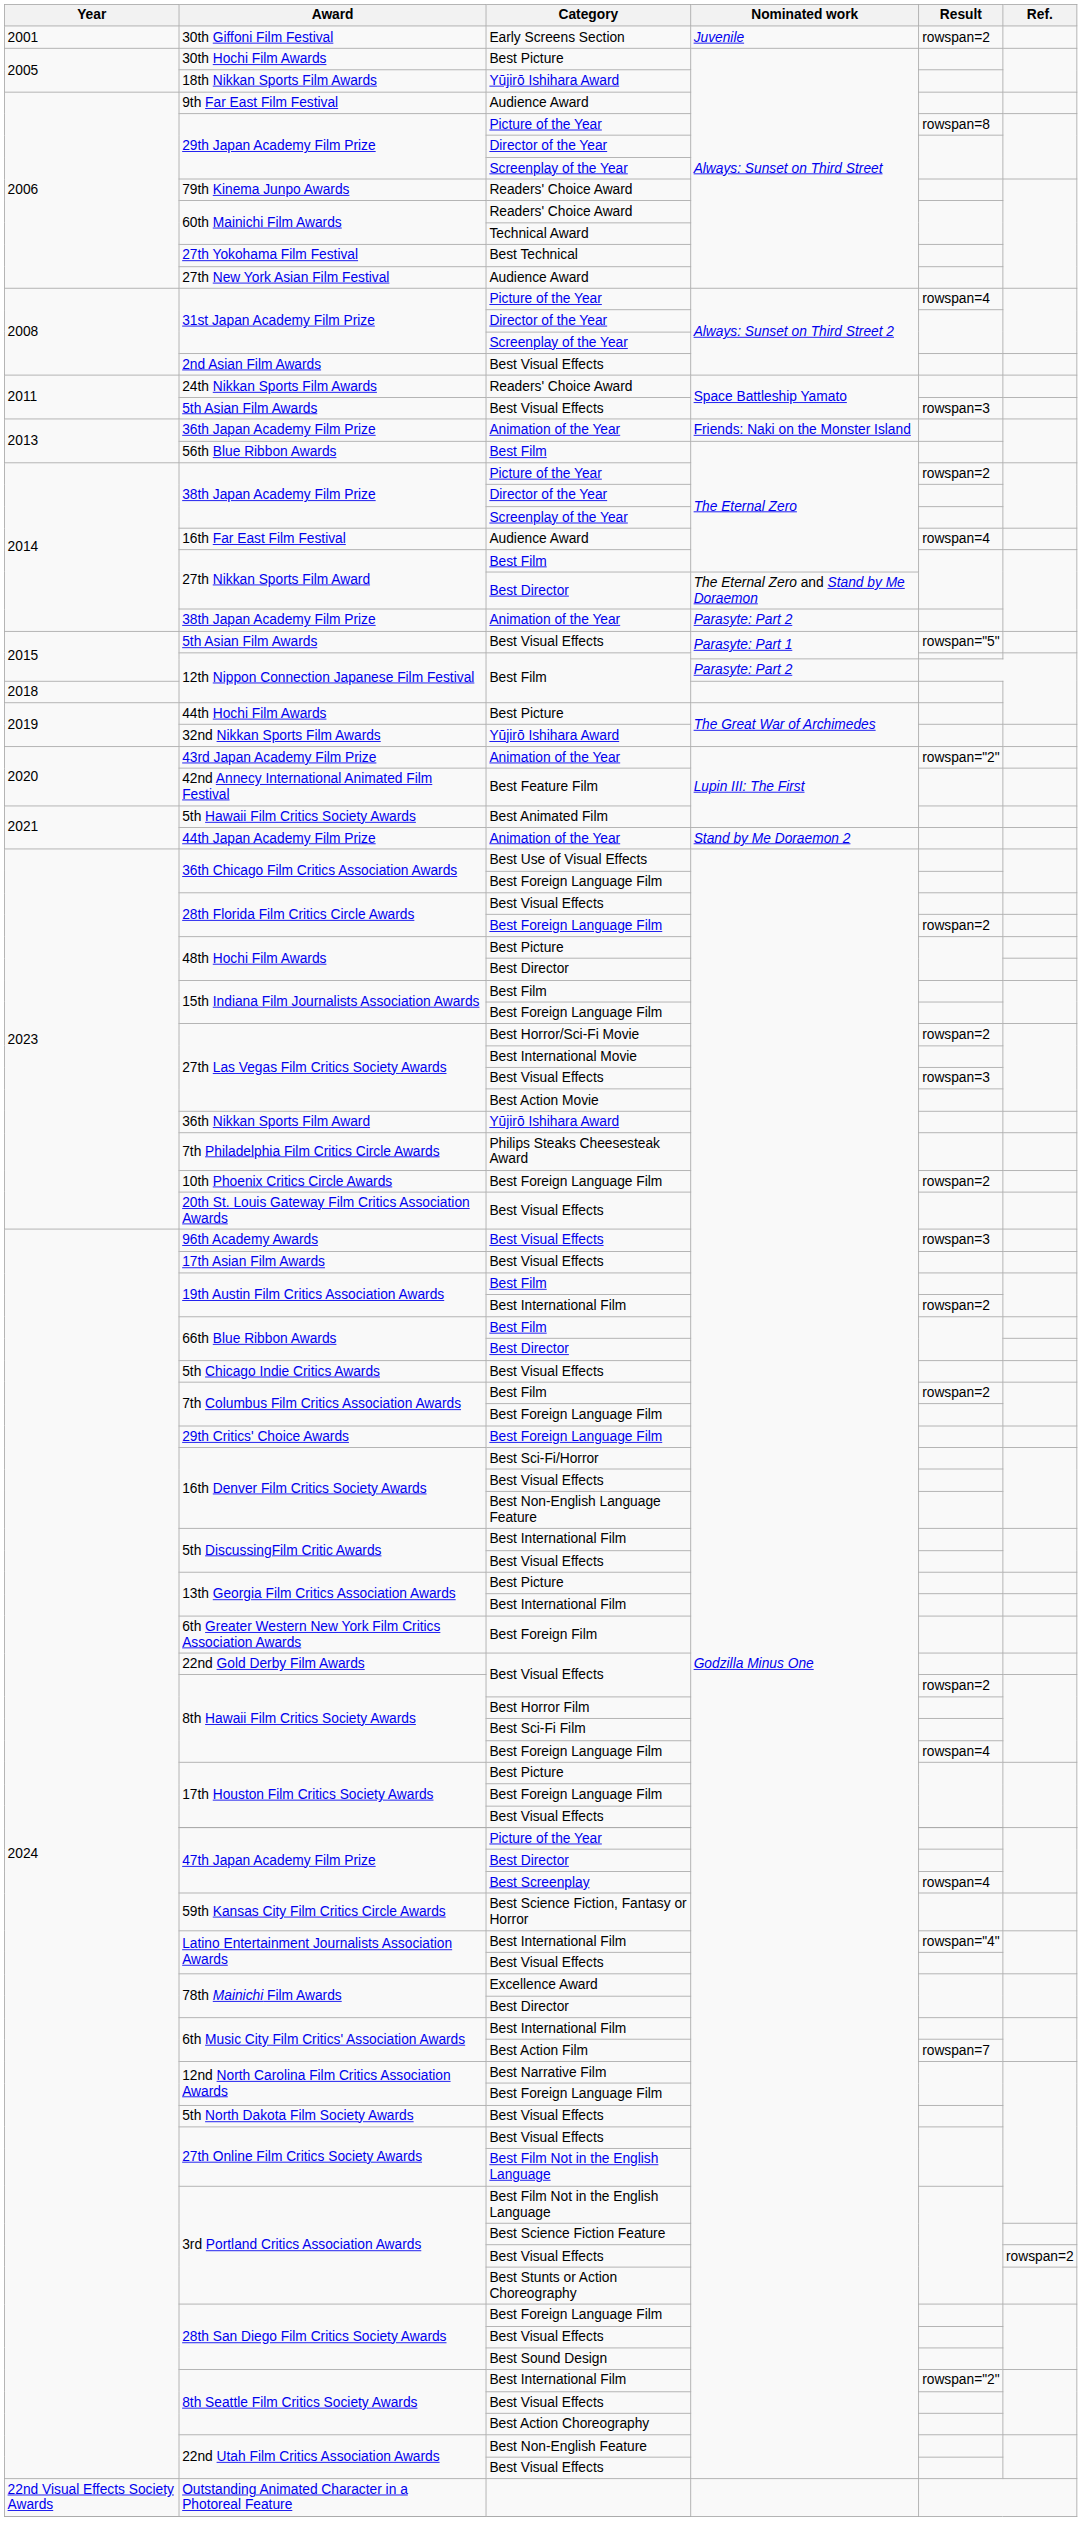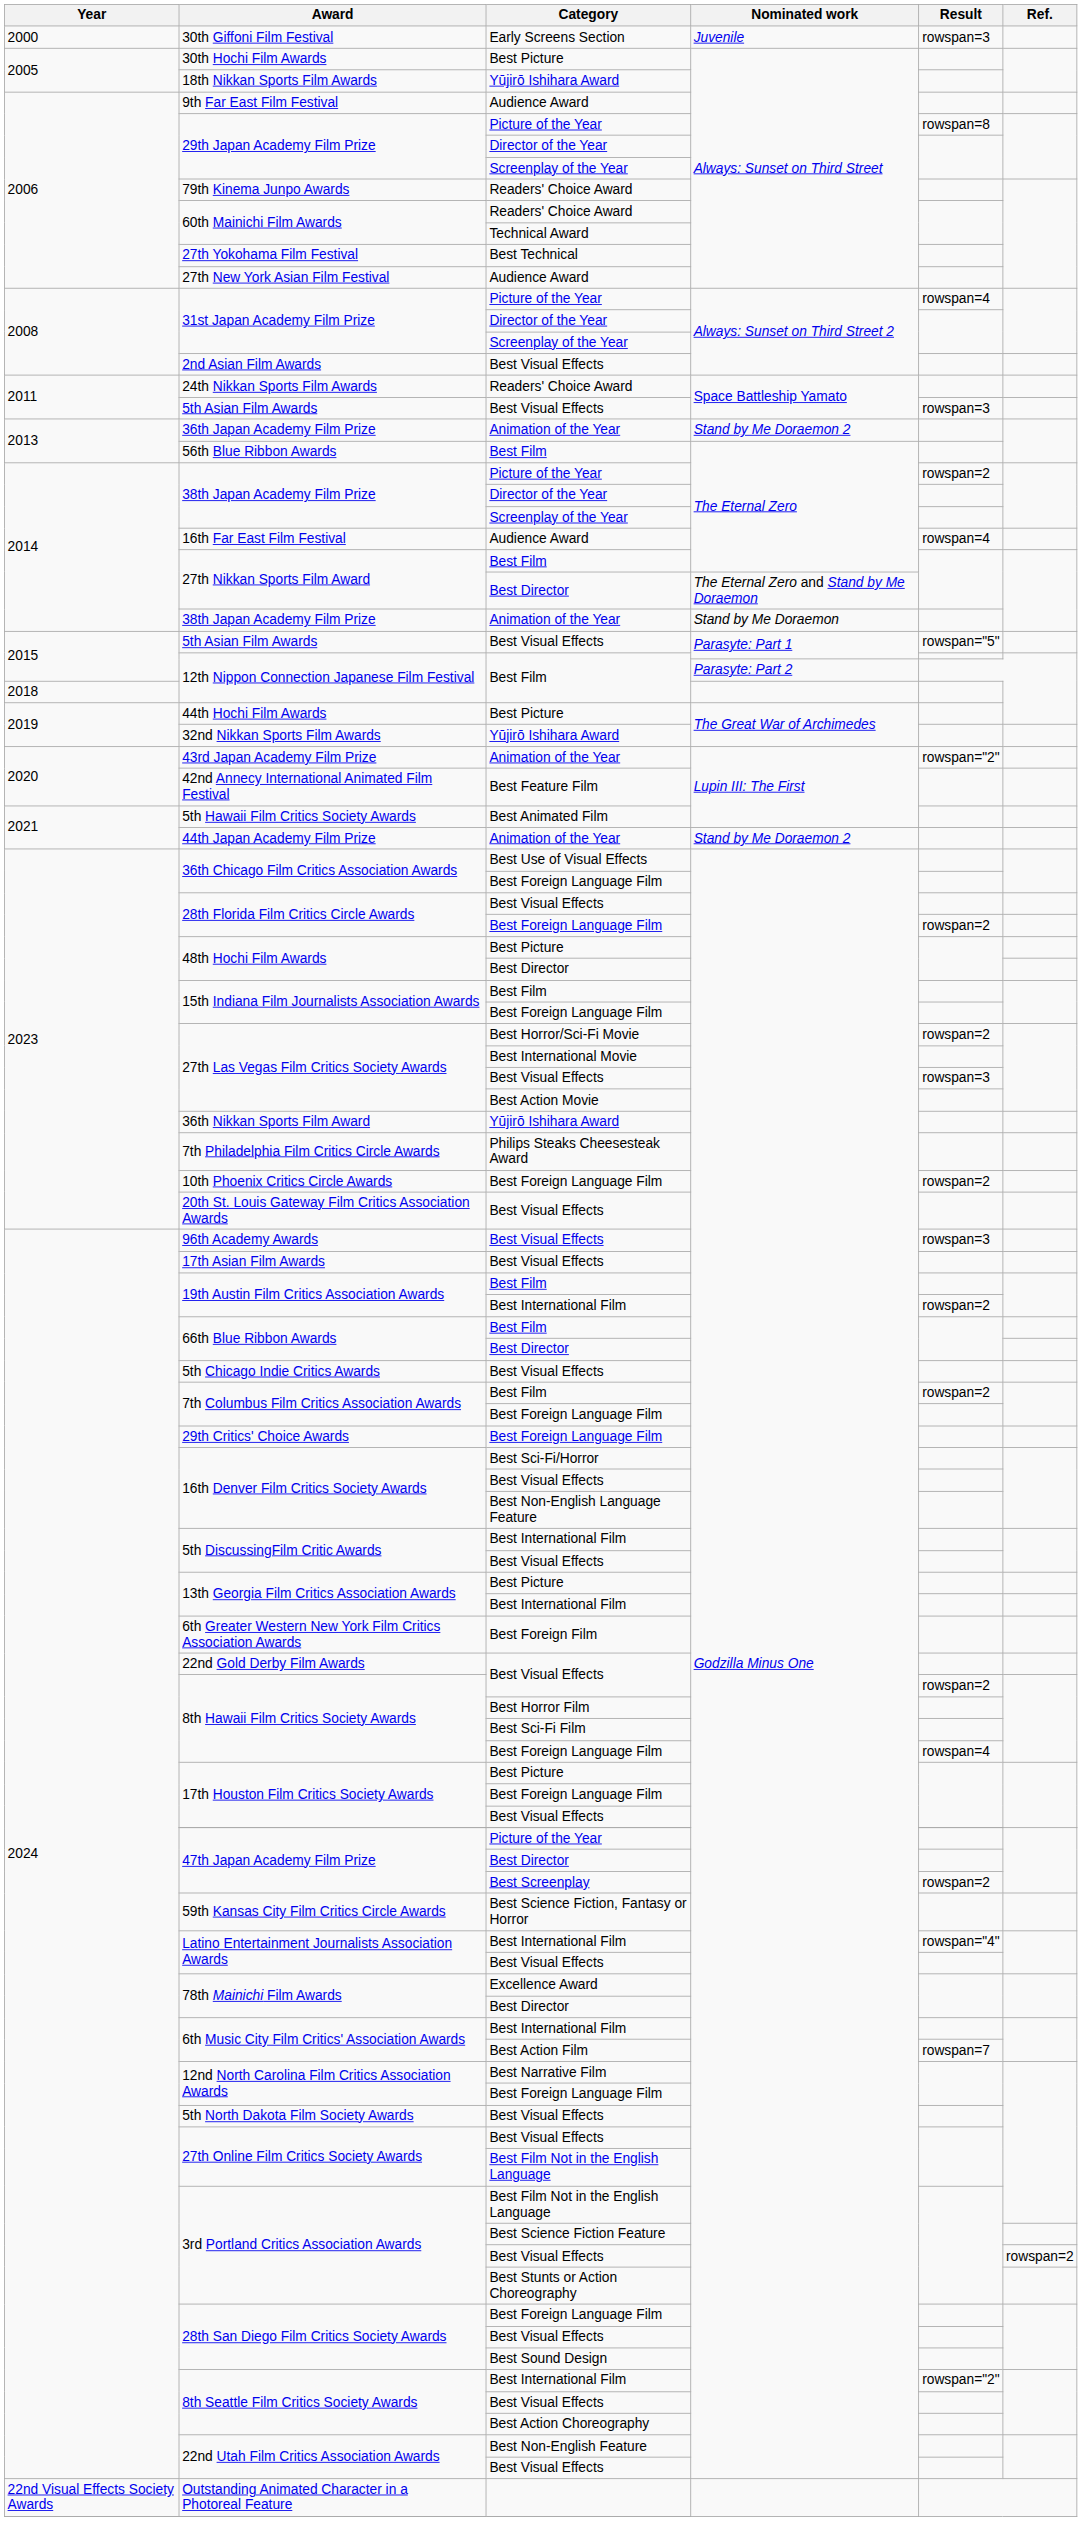 <table class="wikitable sortable">
 <tr>
 <th>Year</th>
 <th>Award</th>
 <th>Category</th>
 <th>Nominated work</th>
 <th>Result</th>
 <th class="unsortable">Ref.</th>
 </tr>
 <tr>
-<td>2001</td>
+<td>2000</td>
 <td>30th <a href='#'>Giffoni Film Festival</a></td>
 <td>Early Screens Section</td>
 <td><em><a href='#'>Juvenile</a></em></td>
-<td>rowspan=2 </td>
+<td>rowspan=3 </td>
 <td></td>
 </tr>
 <tr>
 <td rowspan="2">2005</td>
 <td>30th <a href='#'>Hochi Film Awards</a></td>
 <td>Best Picture</td>
 <td rowspan="11"><em><a href='#'>Always: Sunset on Third Street</a></em></td>
 <td></td>
 </tr>
 <tr>
 <td>18th <a href='#'>Nikkan Sports Film Awards</a></td>
 <td><a href='#'>Yūjirō Ishihara Award</a></td>
 <td></td>
 </tr>
 <tr>
 <td rowspan="9">2006</td>
 <td>9th <a href='#'>Far East Film Festival</a></td>
 <td>Audience Award</td>
 <td></td>
 <td></td>
 </tr>
 <tr>
 <td rowspan="3"><a href='#'>29th Japan Academy Film Prize</a></td>
 <td><a href='#'>Picture of the Year</a></td>
 <td>rowspan=8 </td>
 <td rowspan="3"></td>
 </tr>
 <tr>
 <td><a href='#'>Director of the Year</a></td>
 </tr>
 <tr>
 <td><a href='#'>Screenplay of the Year</a></td>
 </tr>
 <tr>
 <td>79th <a href='#'>Kinema Junpo Awards</a></td>
 <td>Readers' Choice Award</td>
 <td></td>
 </tr>
 <tr>
 <td rowspan="2">60th <a href='#'>Mainichi Film Awards</a></td>
 <td>Readers' Choice Award</td>
 <td rowspan="2"></td>
 </tr>
 <tr>
 <td>Technical Award</td>
 </tr>
 <tr>
 <td><a href='#'>27th Yokohama Film Festival</a></td>
 <td>Best Technical</td>
 <td></td>
 </tr>
 <tr>
 <td>27th <a href='#'>New York Asian Film Festival</a></td>
 <td>Audience Award</td>
 <td></td>
 </tr>
 <tr>
 <td rowspan="4">2008</td>
 <td rowspan="3"><a href='#'>31st Japan Academy Film Prize</a></td>
 <td><a href='#'>Picture of the Year</a></td>
 <td rowspan="4"><em><a href='#'>Always: Sunset on Third Street 2</a></em></td>
 <td>rowspan=4 </td>
 <td rowspan="3"></td>
 </tr>
 <tr>
 <td><a href='#'>Director of the Year</a></td>
 </tr>
 <tr>
 <td><a href='#'>Screenplay of the Year</a></td>
 </tr>
 <tr>
 <td><a href='#'>2nd Asian Film Awards</a></td>
 <td>Best Visual Effects</td>
 <td></td>
 </tr>
 <tr>
 <td rowspan="2">2011</td>
 <td>24th <a href='#'>Nikkan Sports Film Awards</a></td>
 <td>Readers' Choice Award</td>
 <td rowspan="2"><a href='#'>Space Battleship Yamato</a></td>
 <td></td>
 <td></td>
 </tr>
 <tr>
 <td><a href='#'>5th Asian Film Awards</a></td>
 <td>Best Visual Effects</td>
 <td>rowspan=3 </td>
 <td></td>
 </tr>
 <tr>
 <td rowspan="2">2013</td>
 <td><a href='#'>36th Japan Academy Film Prize</a></td>
 <td><a href='#'>Animation of the Year</a></td>
-<td><a href='#'>Friends: Naki on the Monster Island</a></td>
+<td><em><a href='#'>Stand by Me Doraemon 2</a></em></td>
 <td></td>
 </tr>
 <tr>
 <td>56th <a href='#'>Blue Ribbon Awards</a></td>
 <td><a href='#'>Best Film</a></td>
 <td rowspan=6><em><a href='#'>The Eternal Zero</a></em></td>
 <td></td>
 </tr>
 <tr>
 <td rowspan="7">2014</td>
 <td rowspan="3"><a href='#'>38th Japan Academy Film Prize</a></td>
 <td><a href='#'>Picture of the Year</a></td>
 <td>rowspan=2 </td>
 <td rowspan="3"></td>
 </tr>
 <tr>
 <td><a href='#'>Director of the Year</a></td>
 </tr>
 <tr>
 <td><a href='#'>Screenplay of the Year</a></td>
 <td></td>
 </tr>
 <tr>
 <td>16th <a href='#'>Far East Film Festival</a></td>
 <td>Audience Award</td>
 <td>rowspan=4 </td>
 <td></td>
 </tr>
 <tr>
 <td rowspan="2">27th <a href='#'>Nikkan Sports Film Award</a></td>
 <td><a href='#'>Best Film</a></td>
 <td rowspan="2"></td>
 </tr>
 <tr>
 <td><a href='#'>Best Director</a></td>
 <td><em>The Eternal Zero</em> and <em><a href='#'>Stand by Me Doraemon</a></em></td>
 </tr>
 <tr>
 <td><a href='#'>38th Japan Academy Film Prize</a></td>
 <td><a href='#'>Animation of the Year</a></td>
-<td><em><a href='#'>Parasyte: Part 2</a></em></td>
+<td><em>Stand by Me Doraemon</em></td>
 <td></td>
 </tr>
 <tr>
 <td rowspan="3">2015</td>
 <td><a href='#'>5th Asian Film Awards</a></td>
 <td>Best Visual Effects</td>
 <td rowspan="2"><em><a href='#'>Parasyte: Part 1</a></em></td>
 <td>rowspan="5" </td>
 <td></td>
 </tr>
 <tr>
 <td rowspan="3">12th <a href='#'>Nippon Connection Japanese Film Festival</a></td>
 <td rowspan="3">Best Film</td>
 <td rowpsan="2"></td>
 </tr>
 <tr>
 <td><em><a href='#'>Parasyte: Part 2</a></em></td>
 </tr>
 <tr>
 <td>2018</td>
 <td><em></em></td>
 <td></td>
 </tr>
 <tr>
 <td rowspan="2">2019</td>
 <td>44th <a href='#'>Hochi Film Awards</a></td>
 <td>Best Picture</td>
 <td rowspan="2"><em><a href='#'>The Great War of Archimedes</a></em></td>
 <td></td>
 </tr>
 <tr>
 <td>32nd <a href='#'>Nikkan Sports Film Awards</a></td>
 <td><a href='#'>Yūjirō Ishihara Award</a></td>
 <td></td>
 <td></td>
 </tr>
 <tr>
 <td rowspan="2">2020</td>
 <td><a href='#'>43rd Japan Academy Film Prize</a></td>
 <td><a href='#'>Animation of the Year</a></td>
 <td rowspan="3"><em><a href='#'>Lupin III: The First</a></em></td>
 <td>rowspan="2" </td>
 <td></td>
 </tr>
 <tr>
 <td>42nd <a href='#'>Annecy International Animated Film Festival</a></td>
 <td>Best Feature Film</td>
 <td></td>
 </tr>
 <tr>
 <td rowspan="2">2021</td>
 <td>5th <a href='#'>Hawaii Film Critics Society Awards</a></td>
 <td>Best Animated Film</td>
 <td></td>
 <td></td>
 </tr>
 <tr>
 <td><a href='#'>44th Japan Academy Film Prize</a></td>
 <td><a href='#'>Animation of the Year</a></td>
 <td><em><a href='#'>Stand by Me Doraemon 2</a></em></td>
 <td></td>
 <td></td>
 </tr>
 <tr>
 <td rowspan="16">2023</td>
 <td rowspan=2><a href='#'>36th Chicago Film Critics Association Awards</a></td>
 <td>Best Use of Visual Effects</td>
 <td rowspan="70"><em><a href='#'>Godzilla Minus One</a></em></td>
 <td></td>
 <td rowspan=2></td>
 </tr>
 <tr>
 <td>Best Foreign Language Film</td>
 <td></td>
 </tr>
 <tr>
 <td rowspan=2><a href='#'>28th Florida Film Critics Circle Awards</a></td>
 <td>Best Visual Effects</td>
 <td></td>
 <td></td>
 </tr>
 <tr>
 <td><a href='#'>Best Foreign Language Film</a></td>
 <td>rowspan=2 </td>
 <td></td>
 </tr>
 <tr>
 <td rowspan="2">48th <a href='#'>Hochi Film Awards</a></td>
 <td>Best Picture</td>
 <td rowspan="2"></td>
 </tr>
 <tr>
 <td>Best Director</td>
 <td></td>
 </tr>
 <tr>
 <td rowspan="2">15th <a href='#'>Indiana Film Journalists Association Awards</a></td>
 <td>Best Film</td>
 <td></td>
 <td rowspan=2></td>
 </tr>
 <tr>
 <td>Best Foreign Language Film</td>
 <td></td>
 </tr>
 <tr>
 <td rowspan=4>27th <a href='#'>Las Vegas Film Critics Society Awards</a></td>
 <td>Best Horror/Sci-Fi Movie</td>
 <td>rowspan=2 </td>
 <td rowspan=4></td>
 </tr>
 <tr>
 <td>Best International Movie</td>
 </tr>
 <tr>
 <td>Best Visual Effects</td>
 <td>rowspan=3 </td>
 </tr>
 <tr>
 <td>Best Action Movie</td>
 </tr>
 <tr>
 <td>36th <a href='#'>Nikkan Sports Film Award</a></td>
 <td><a href='#'>Yūjirō Ishihara Award</a></td>
 <td></td>
 </tr>
 <tr>
 <td>7th <a href='#'>Philadelphia Film Critics Circle Awards</a></td>
 <td>Philips Steaks Cheesesteak Award</td>
 <td></td>
 <td></td>
 </tr>
 <tr>
 <td>10th <a href='#'>Phoenix Critics Circle Awards</a></td>
 <td>Best Foreign Language Film</td>
 <td>rowspan=2 </td>
 <td></td>
 </tr>
 <tr>
 <td><a href='#'>20th St. Louis Gateway Film Critics Association Awards</a></td>
 <td>Best Visual Effects</td>
 <td></td>
 </tr>
 <tr>
 <td rowspan=54>2024</td>
 <td><a href='#'>96th Academy Awards</a></td>
 <td><a href='#'>Best Visual Effects</a></td>
 <td>rowspan=3 </td>
 <td></td>
 </tr>
 <tr>
 <td><a href='#'>17th Asian Film Awards</a></td>
 <td>Best Visual Effects</td>
 <td></td>
 </tr>
 <tr>
 <td rowspan="2"><a href='#'>19th Austin Film Critics Association Awards</a></td>
 <td><a href='#'>Best Film</a></td>
 <td></td>
 <td rowspan="2"></td>
 </tr>
 <tr>
 <td>Best International Film</td>
 <td>rowspan=2 </td>
 </tr>
 <tr>
 <td rowspan=2>66th <a href='#'>Blue Ribbon Awards</a></td>
 <td><a href='#'>Best Film</a></td>
 <td rowspan=2></td>
 </tr>
 <tr>
 <td><a href='#'>Best Director</a></td>
 <td></td>
 </tr>
 <tr>
 <td>5th <a href='#'>Chicago Indie Critics Awards</a></td>
 <td>Best Visual Effects</td>
 <td></td>
 <td></td>
 </tr>
 <tr>
 <td rowspan="2">7th <a href='#'>Columbus Film Critics Association Awards</a></td>
 <td>Best Film</td>
 <td>rowspan=2 </td>
 <td rowspan=2></td>
 </tr>
 <tr>
 <td>Best Foreign Language Film</td>
 </tr>
 <tr>
 <td><a href='#'>29th Critics' Choice Awards</a></td>
 <td><a href='#'>Best Foreign Language Film</a></td>
 <td></td>
 </tr>
 <tr>
 <td rowspan=3>16th <a href='#'>Denver Film Critics Society Awards</a></td>
 <td>Best Sci-Fi/Horror</td>
 <td></td>
 <td rowspan=3></td>
 </tr>
 <tr>
 <td>Best Visual Effects</td>
 <td></td>
 </tr>
 <tr>
 <td>Best Non-English Language Feature</td>
 <td></td>
 </tr>
 <tr>
 <td rowspan="2">5th <a href='#'>DiscussingFilm Critic Awards</a></td>
 <td>Best International Film</td>
 <td></td>
 <td rowspan=2></td>
 </tr>
 <tr>
 <td>Best Visual Effects</td>
 <td></td>
 </tr>
 <tr>
 <td rowspan=2>13th <a href='#'>Georgia Film Critics Association Awards</a></td>
 <td>Best Picture</td>
 <td></td>
 <td></td>
 </tr>
 <tr>
 <td>Best International Film</td>
 <td></td>
 <td></td>
 </tr>
 <tr>
 <td>6th <a href='#'>Greater Western New York Film Critics Association Awards</a></td>
 <td>Best Foreign Film</td>
 <td></td>
 <td></td>
 </tr>
 <tr>
 <td>22nd <a href='#'>Gold Derby Film Awards</a></td>
 <td rowspan=2>Best Visual Effects</td>
 <td></td>
 <td></td>
 </tr>
 <tr>
 <td rowspan=4>8th <a href='#'>Hawaii Film Critics Society Awards</a></td>
 <td>rowspan=2 </td>
 <td rowspan=4></td>
 </tr>
 <tr>
 <td>Best Horror Film</td>
 </tr>
 <tr>
 <td>Best Sci-Fi Film</td>
 <td></td>
 </tr>
 <tr>
 <td>Best Foreign Language Film</td>
 <td>rowspan=4 </td>
 </tr>
 <tr>
 <td rowspan=3>17th <a href='#'>Houston Film Critics Society Awards</a></td>
 <td>Best Picture</td>
 <td rowspan=3></td>
 </tr>
 <tr>
 <td>Best Foreign Language Film</td>
 </tr>
 <tr>
 <td>Best Visual Effects</td>
 </tr>
 <tr>
 </tr>
 <tr>
 <td rowspan="3"><a href='#'>47th Japan Academy Film Prize</a></td>
 <td><a href='#'>Picture of the Year</a></td>
 <td></td>
 <td rowspan="3"></td>
 </tr>
 <tr>
 <td><a href='#'>Best Director</a></td>
 <td></td>
 </tr>
 <tr>
 <td><a href='#'>Best Screenplay</a></td>
-<td>rowspan=4 </td>
+<td>rowspan=2 </td>
 </tr>
 <tr>
 <td>59th <a href='#'>Kansas City Film Critics Circle Awards</a></td>
 <td>Best Science Fiction, Fantasy or Horror</td>
 <td></td>
 </tr>
 <tr>
 <td rowspan="2"><a href='#'>Latino Entertainment Journalists Association Awards</a></td>
 <td>Best International Film</td>
 <td>rowspan="4" </td>
 <td rowspan="2"></td>
 </tr>
 <tr>
 <td>Best Visual Effects</td>
 </tr>
 <tr>
 <td rowspan=2>78th <a href='#'><em>Mainichi</em> Film Awards</a></td>
 <td>Excellence Award</td>
 <td rowspan=2></td>
 </tr>
 <tr>
 <td>Best Director</td>
 </tr>
 <tr>
 <td rowspan=2>6th <a href='#'>Music City Film Critics' Association Awards</a></td>
 <td>Best International Film</td>
 <td></td>
 <td rowspan=2></td>
 </tr>
 <tr>
 <td>Best Action Film</td>
 <td>rowspan=7 </td>
 </tr>
 <tr>
 <td rowspan=2>12nd <a href='#'>North Carolina Film Critics Association Awards</a></td>
 <td>Best Narrative Film</td>
 <td rowspan=2></td>
 </tr>
 <tr>
 <td>Best Foreign Language Film</td>
 </tr>
 <tr>
 <td>5th <a href='#'>North Dakota Film Society Awards</a></td>
 <td>Best Visual Effects</td>
 <td></td>
 </tr>
 <tr>
 <td rowspan=2><a href='#'>27th Online Film Critics Society Awards</a></td>
 <td>Best Visual Effects</td>
 <td rowspan=2></td>
 </tr>
 <tr>
 <td><a href='#'>Best Film Not in the English Language</a></td>
 </tr>
 <tr>
 <td rowspan=4>3rd <a href='#'>Portland Critics Association Awards</a></td>
 <td>Best Film Not in the English Language</td>
 <td rowspan=4></td>
 </tr>
 <tr>
 <td>Best Science Fiction Feature</td>
 <td></td>
 </tr>
 <tr>
 <td>Best Visual Effects</td>
 <td>rowspan=2 </td>
 </tr>
 <tr>
 <td>Best Stunts or Action Choreography</td>
 </tr>
 <tr>
 <td rowspan=3><a href='#'>28th San Diego Film Critics Society Awards</a></td>
 <td>Best Foreign Language Film</td>
 <td></td>
 <td rowspan=3></td>
 </tr>
 <tr>
 <td>Best Visual Effects</td>
 <td></td>
 </tr>
 <tr>
 <td>Best Sound Design</td>
 <td></td>
 </tr>
 <tr>
 <td rowspan="3"><a href='#'>8th Seattle Film Critics Society Awards</a></td>
 <td>Best International Film</td>
 <td>rowspan="2" </td>
 <td rowspan="3"></td>
 </tr>
 <tr>
 <td>Best Visual Effects</td>
 </tr>
 <tr>
 <td>Best Action Choreography</td>
 <td></td>
 </tr>
 <tr>
 <td rowspan=2>22nd <a href='#'>Utah Film Critics Association Awards</a></td>
 <td>Best Non-English Feature</td>
 <td></td>
 <td rowspan=2></td>
 </tr>
 <tr>
 <td>Best Visual Effects</td>
 <td></td>
 </tr>
 <tr>
 <td><a href='#'>22nd Visual Effects Society Awards</a></td>
 <td><a href='#'>Outstanding Animated Character in a<br>Photoreal Feature</a></td>
 <td></td>
 <td rowspan=2></td>
 </tr>
 <tr>
 </tr>
 </table>
